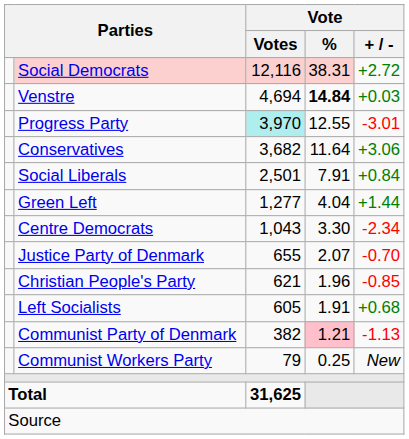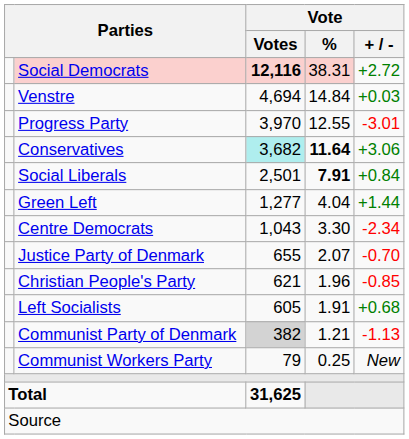 <table class="wikitable" style="text-align:right;">
 <tr>
 <th style="text-align:centre;" rowspan="2" colspan="2" width="225">Parties</th>
 <th colspan="3">Vote</th>
 </tr>
 <tr>
 <th width="15">Votes</th>
 <th width="15">%</th>
 <th width="15">+ / -</th>
 </tr>
 <tr>
 <td width="2" style="color:inherit;background:"></td>
 <td bgcolor=#fbd0ce  align="left"><a href='#'>Social Democrats</a></td>
-<td bgcolor=#fbd0ce>12,116</td>
+<td bgcolor=#fbd0ce><strong>12,116</strong></td>
 <td bgcolor=#fbd0ce>38.31</td>
 <td style=color:green;>+2.72</td>
 </tr>
 <tr>
 <td width="2" style="color:inherit;background:"></td>
 <td align="left"><a href='#'>Venstre</a></td>
 <td>4,694</td>
-<td><strong>14.84</strong></td>
+<td>14.84</td>
 <td style=color:green;>+0.03</td>
 </tr>
 <tr>
 <td width="2" style="color:inherit;background:"></td>
 <td align="left"><a href='#'>Progress Party</a></td>
-<td style="background: paleturquoise;">3,970</td>
+<td>3,970</td>
 <td>12.55</td>
 <td style=color:red;>-3.01</td>
 </tr>
 <tr>
 <td width="2" style="color:inherit;background:"></td>
 <td align="left"><a href='#'>Conservatives</a></td>
-<td>3,682</td>
-<td>11.64</td>
+<td style="background: paleturquoise;">3,682</td>
+<td><strong>11.64</strong></td>
 <td style=color:green;>+3.06</td>
 </tr>
 <tr>
 <td width="2" style="color:inherit;background:"></td>
 <td align="left"><a href='#'>Social Liberals</a></td>
 <td>2,501</td>
-<td>7.91</td>
+<td><strong>7.91</strong></td>
 <td style=color:green;>+0.84</td>
 </tr>
 <tr>
 <td width="2" style="color:inherit;background:"></td>
 <td align="left"><a href='#'>Green Left</a></td>
 <td>1,277</td>
 <td>4.04</td>
 <td style=color:green;>+1.44</td>
 </tr>
 <tr>
 <td width="2" style="color:inherit;background:"></td>
 <td align="left"><a href='#'>Centre Democrats</a></td>
 <td>1,043</td>
 <td>3.30</td>
 <td style=color:red;>-2.34</td>
 </tr>
 <tr>
 <td width="2" style="color:inherit;background:"></td>
 <td align="left"><a href='#'>Justice Party of Denmark</a></td>
 <td>655</td>
 <td>2.07</td>
 <td style=color:red;>-0.70</td>
 </tr>
 <tr>
 <td width="2" style="color:inherit;background:"></td>
 <td align="left"><a href='#'>Christian People's Party</a></td>
 <td>621</td>
 <td>1.96</td>
 <td style=color:red;>-0.85</td>
 </tr>
 <tr>
 <td width="2" style="color:inherit;background:"></td>
 <td align="left"><a href='#'>Left Socialists</a></td>
 <td>605</td>
 <td>1.91</td>
 <td style=color:green;>+0.68</td>
 </tr>
 <tr>
 <td width="2" style="color:inherit;background:"></td>
 <td align="left"><a href='#'>Communist Party of Denmark</a></td>
-<td>382</td>
-<td style="background: pink;">1.21</td>
+<td style="background: lightgrey;">382</td>
+<td>1.21</td>
 <td style=color:red;>-1.13</td>
 </tr>
 <tr>
 <td width="2" style="color:inherit;background:"></td>
 <td align="left"><a href='#'>Communist Workers Party</a></td>
 <td>79</td>
 <td>0.25</td>
 <td><em>New</em></td>
 </tr>
 <tr>
 <td colspan="7" bgcolor="#E9E9E9"></td>
 </tr>
 <tr>
 <td align="left" colspan="2"><strong>Total</strong></td>
 <td><strong>31,625</strong></td>
 <td bgcolor="#E9E9E9" colspan="2"></td>
 </tr>
 <tr>
 <td align="left" colspan="6">Source</td>
 </tr>
 </table>
